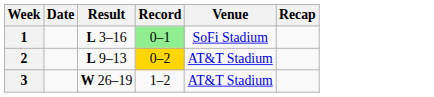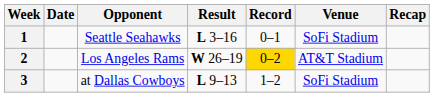 <table class="wikitable" style="text-align:center">
 <tr>
 <th>Week</th>
 <th>Date</th>
+<th>Opponent</th>
 <th>Result</th>
 <th>Record</th>
 <th>Venue</th>
 <th>Recap</th>
 </tr>
 <tr>
 <th>1</th>
 <td></td>
+<td><a href='#'>Seattle Seahawks</a></td>
 <td><strong>L</strong> 3–16</td>
-<td style="background: lightgreen;">0–1</td>
+<td>0–1</td>
 <td><a href='#'>SoFi Stadium</a></td>
 <td></td>
 </tr>
 <tr>
 <th>2</th>
 <td></td>
-<td><strong>L</strong> 9–13</td>
+<td><a href='#'>Los Angeles Rams</a></td>
+<td><strong>W</strong> 26–19</td>
 <td style="background: gold;">0–2</td>
 <td><a href='#'>AT&T Stadium</a></td>
 <td></td>
 </tr>
 <tr>
 <th>3</th>
 <td></td>
-<td><strong>W</strong> 26–19</td>
+<td>at <a href='#'>Dallas Cowboys</a></td>
+<td><strong>L</strong> 9–13</td>
 <td>1–2</td>
-<td><a href='#'>AT&T Stadium</a></td>
+<td><a href='#'>SoFi Stadium</a></td>
 <td></td>
 </tr>
 </table>
